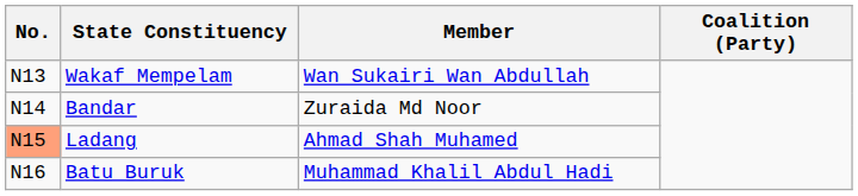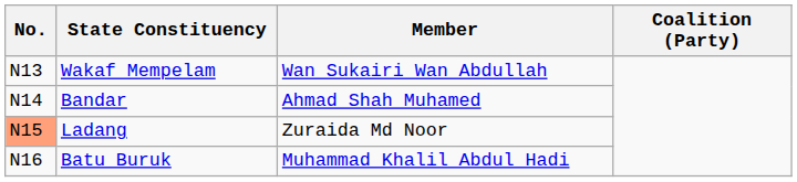 <table class="wikitable">
 <tr>
 <th width="30">No.</th>
 <th width="150">State Constituency</th>
 <th width="230">Member</th>
 <th width="120">Coalition (Party)</th>
 </tr>
 <tr>
 <td>N13</td>
 <td><a href='#'>Wakaf Mempelam</a></td>
 <td><a href='#'>Wan Sukairi Wan Abdullah</a></td>
 <td rowspan=4></td>
 </tr>
 <tr>
 <td>N14</td>
 <td><a href='#'>Bandar</a></td>
-<td>Zuraida Md Noor</td>
+<td><a href='#'>Ahmad Shah Muhamed</a></td>
 </tr>
 <tr>
 <td style="background: lightsalmon;">N15</td>
 <td><a href='#'>Ladang</a></td>
-<td><a href='#'>Ahmad Shah Muhamed</a></td>
+<td>Zuraida Md Noor</td>
 </tr>
 <tr>
 <td>N16</td>
 <td><a href='#'>Batu Buruk</a></td>
 <td><a href='#'>Muhammad Khalil Abdul Hadi</a></td>
 </tr>
 </table>
